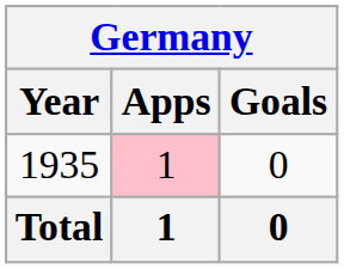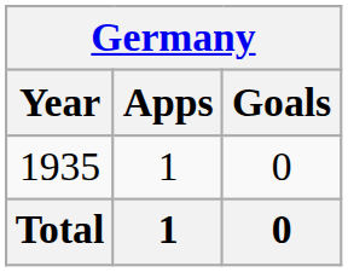 <table class="wikitable" style="text-align:center">
 <tr>
 <th colspan=3><a href='#'>Germany</a></th>
 </tr>
 <tr>
 <th>Year</th>
 <th>Apps</th>
 <th>Goals</th>
 </tr>
 <tr>
 <td>1935</td>
-<td style="background: pink;">1</td>
+<td>1</td>
 <td>0</td>
 </tr>
 <tr>
 <th>Total</th>
 <th>1</th>
 <th>0</th>
 </tr>
 </table>
